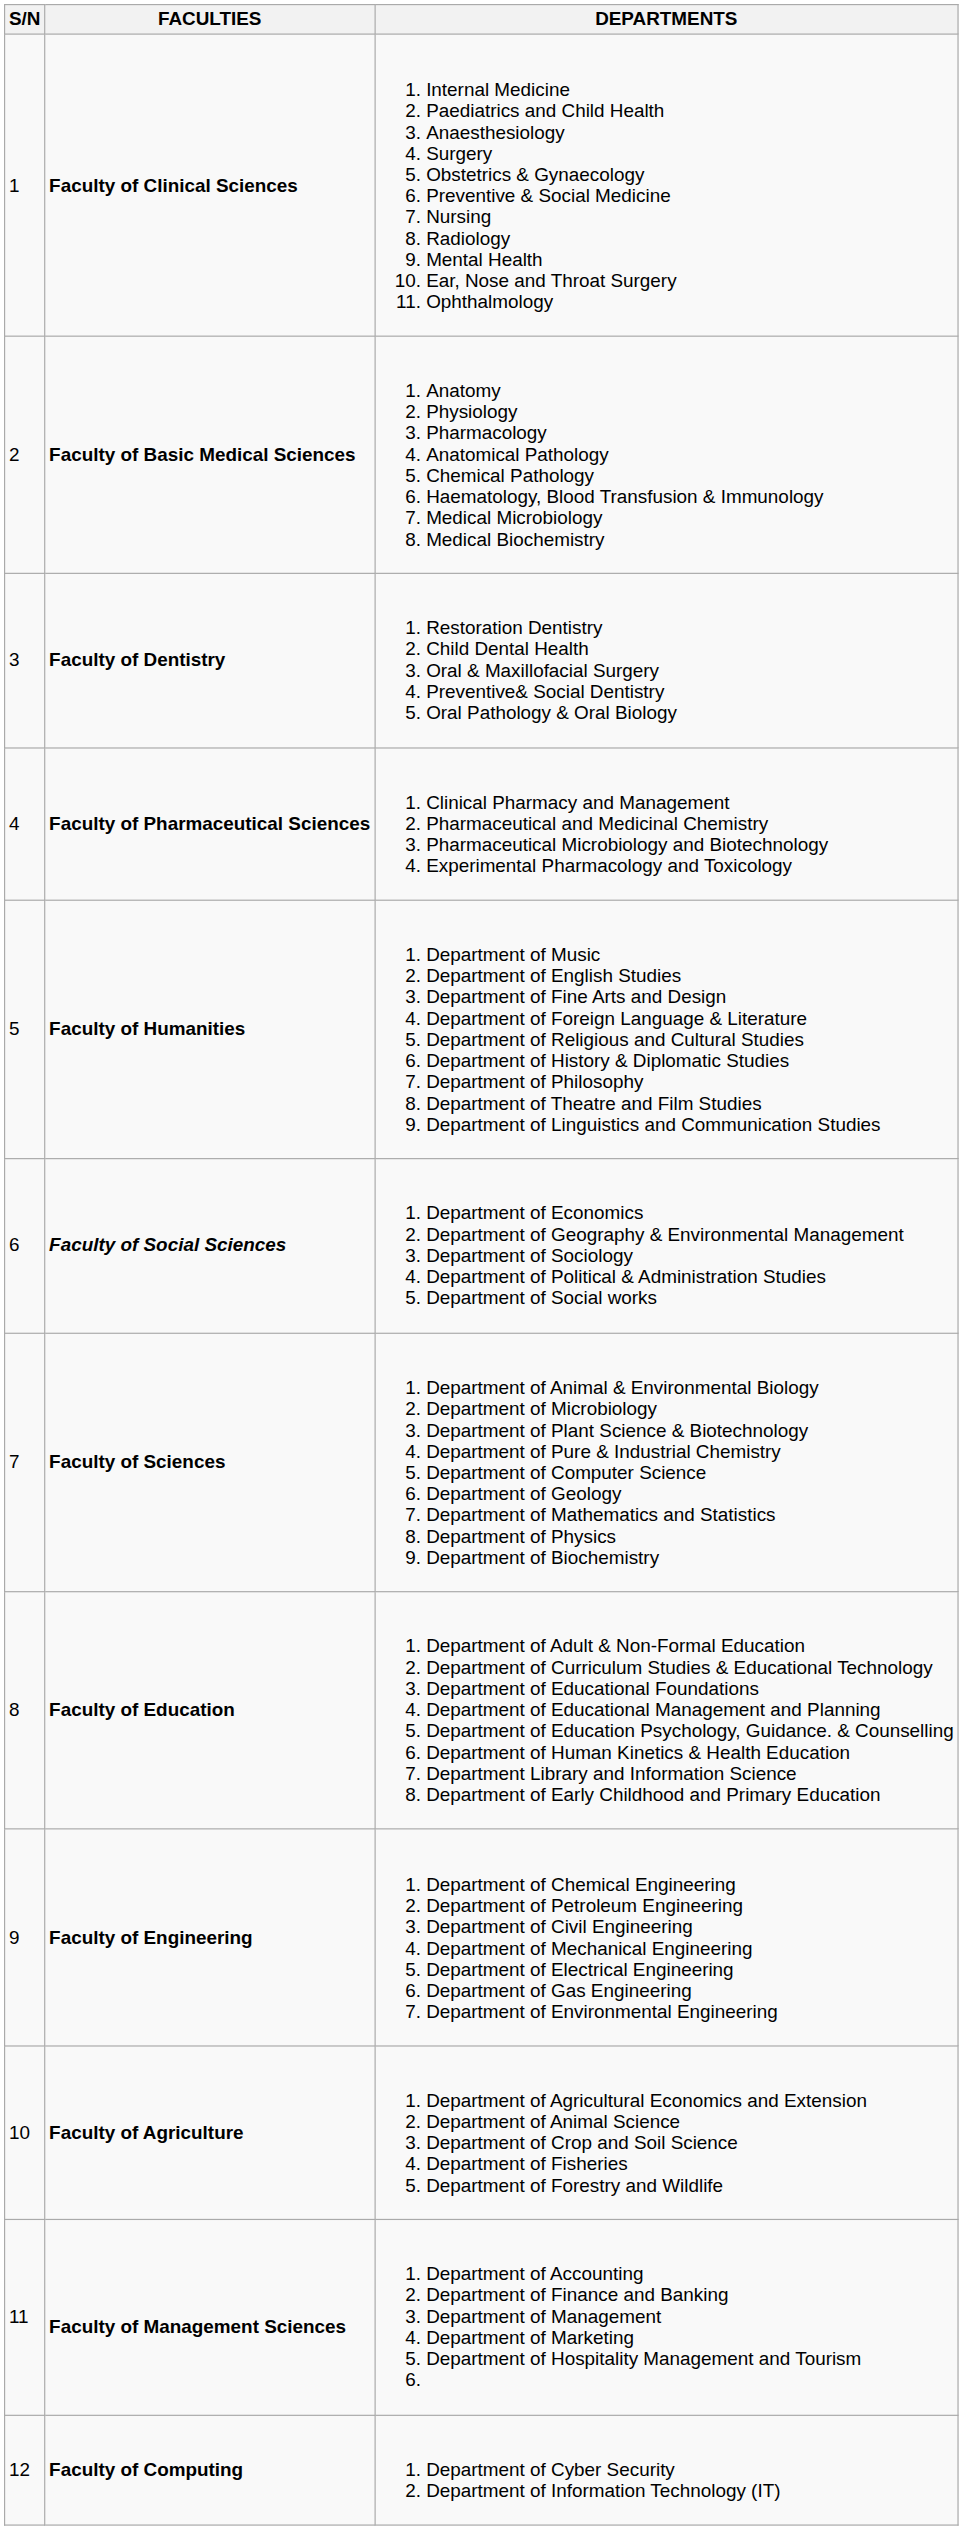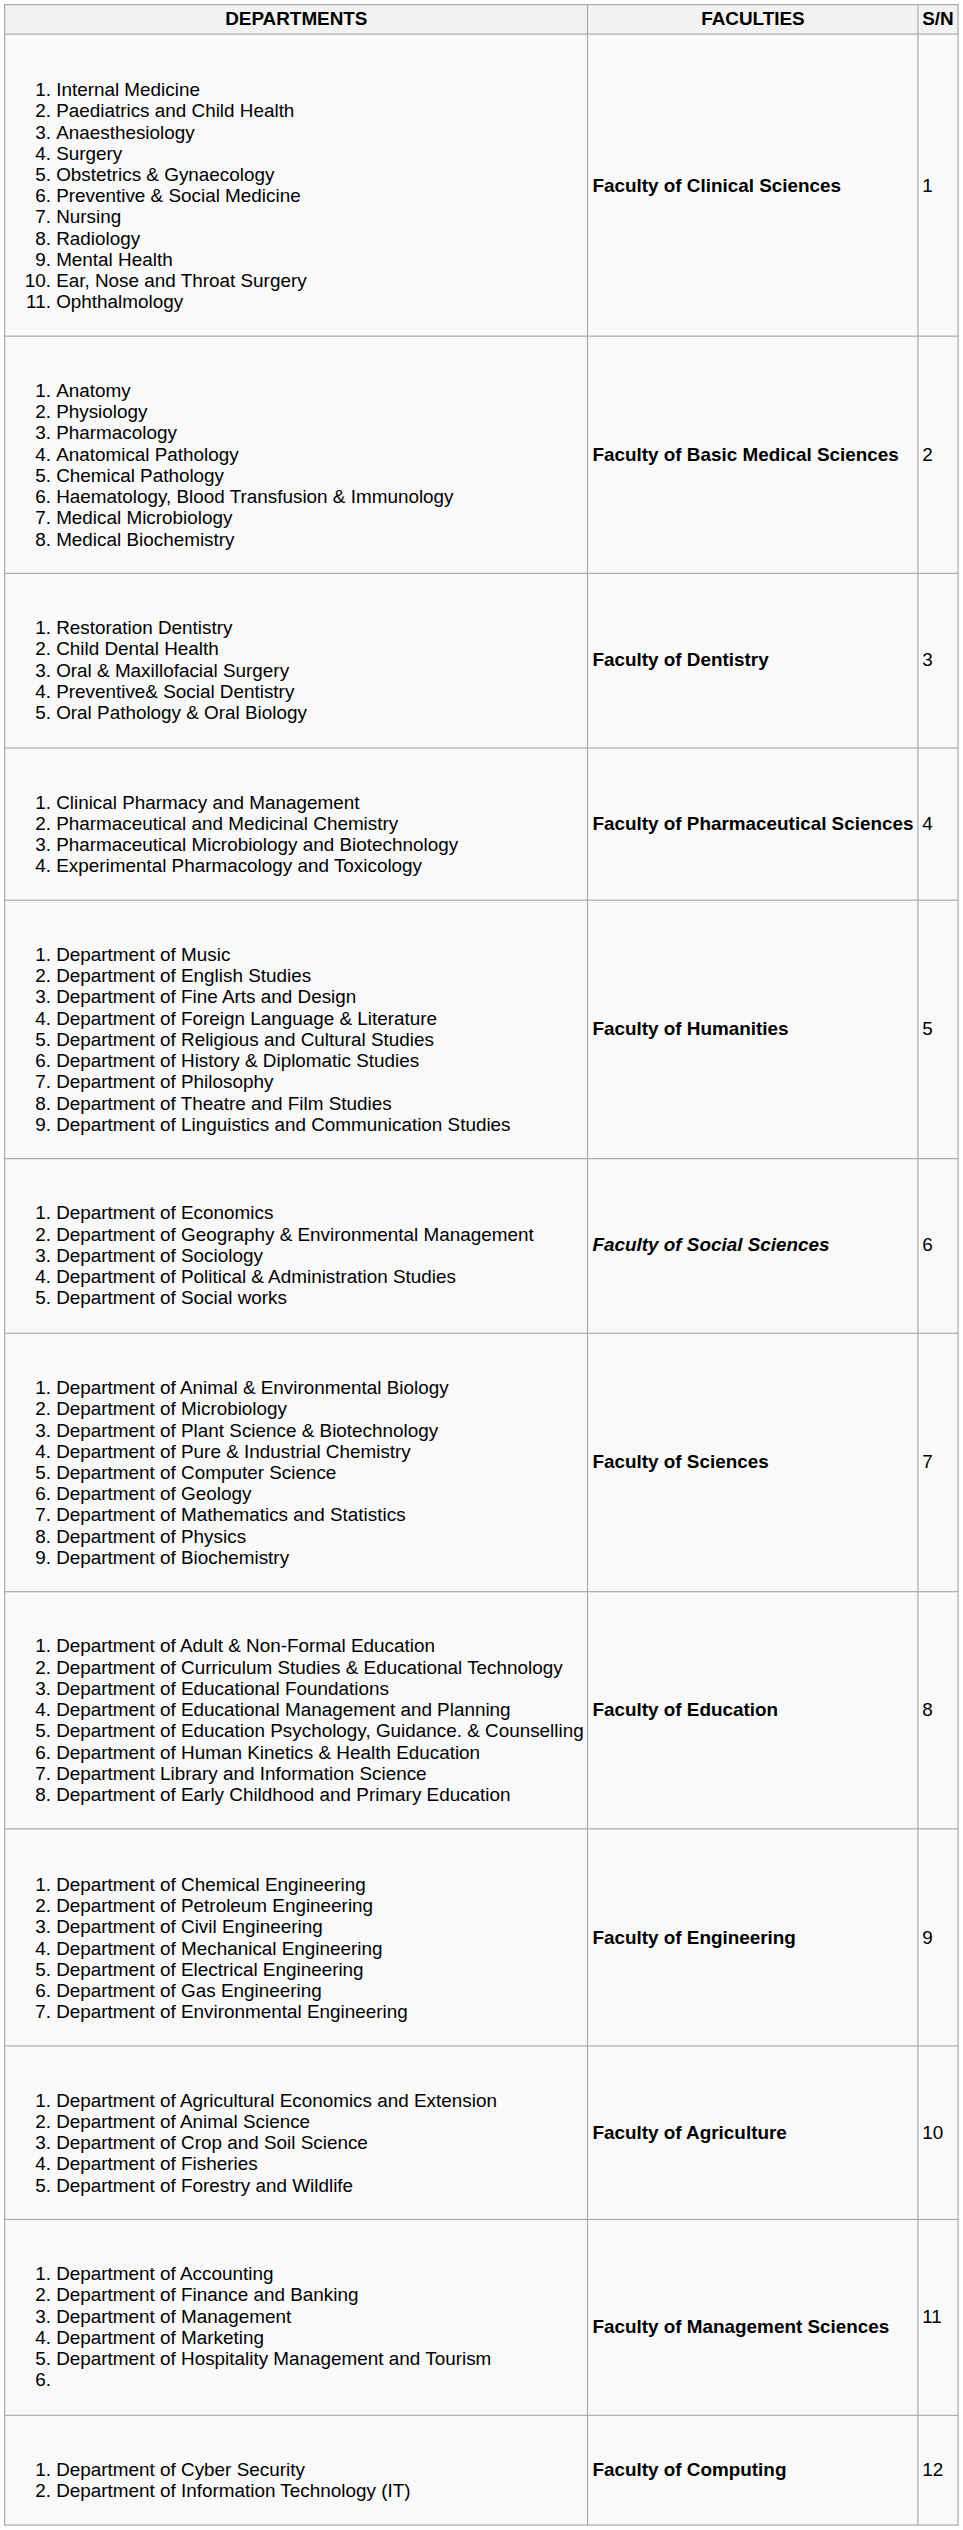 <table class="wikitable">
 <tr>
+<th>DEPARTMENTS</th>
+<th>FACULTIES</th>
 <th>S/N</th>
-<th>FACULTIES</th>
-<th>DEPARTMENTS</th>
 </tr>
 <tr>
+<td><br><ol><li>Internal Medicine</li><li>Paediatrics and Child Health</li><li>Anaesthesiology</li><li>Surgery</li><li>Obstetrics & Gynaecology</li><li>Preventive & Social Medicine</li><li>Nursing</li><li>Radiology</li><li>Mental Health</li><li>Ear, Nose and Throat Surgery</li><li>Ophthalmology</li></ol></td>
+<td><strong>Faculty of Clinical Sciences</strong></td>
 <td>1</td>
-<td><strong>Faculty of Clinical Sciences</strong></td>
-<td><br><ol><li>Internal Medicine</li><li>Paediatrics and Child Health</li><li>Anaesthesiology</li><li>Surgery</li><li>Obstetrics & Gynaecology</li><li>Preventive & Social Medicine</li><li>Nursing</li><li>Radiology</li><li>Mental Health</li><li>Ear, Nose and Throat Surgery</li><li>Ophthalmology</li></ol></td>
 </tr>
 <tr>
+<td><br><ol><li>Anatomy</li><li>Physiology</li><li>Pharmacology</li><li>Anatomical Pathology</li><li>Chemical Pathology</li><li>Haematology, Blood Transfusion & Immunology</li><li>Medical Microbiology</li><li>Medical Biochemistry</li></ol></td>
+<td><strong>Faculty of Basic Medical Sciences</strong></td>
 <td>2</td>
-<td><strong>Faculty of Basic Medical Sciences</strong></td>
-<td><br><ol><li>Anatomy</li><li>Physiology</li><li>Pharmacology</li><li>Anatomical Pathology</li><li>Chemical Pathology</li><li>Haematology, Blood Transfusion & Immunology</li><li>Medical Microbiology</li><li>Medical Biochemistry</li></ol></td>
 </tr>
 <tr>
+<td><br><ol><li>Restoration Dentistry</li><li>Child Dental Health</li><li>Oral & Maxillofacial Surgery</li><li>Preventive& Social Dentistry</li><li>Oral Pathology & Oral Biology</li></ol></td>
+<td><strong>Faculty of Dentistry</strong></td>
 <td>3</td>
-<td><strong>Faculty of Dentistry</strong></td>
-<td><br><ol><li>Restoration Dentistry</li><li>Child Dental Health</li><li>Oral & Maxillofacial Surgery</li><li>Preventive& Social Dentistry</li><li>Oral Pathology & Oral Biology</li></ol></td>
 </tr>
 <tr>
+<td><br><ol><li>Clinical Pharmacy and Management</li><li>Pharmaceutical and Medicinal Chemistry</li><li>Pharmaceutical Microbiology and Biotechnology</li><li>Experimental Pharmacology and Toxicology</li></ol></td>
+<td><strong>Faculty of Pharmaceutical Sciences</strong></td>
 <td>4</td>
-<td><strong>Faculty of Pharmaceutical Sciences</strong></td>
-<td><br><ol><li>Clinical Pharmacy and Management</li><li>Pharmaceutical and Medicinal Chemistry</li><li>Pharmaceutical Microbiology and Biotechnology</li><li>Experimental Pharmacology and Toxicology</li></ol></td>
 </tr>
 <tr>
+<td><br><ol><li>Department of Music</li><li>Department of English Studies</li><li>Department of Fine Arts and Design</li><li>Department of Foreign Language & Literature</li><li>Department of Religious and Cultural Studies</li><li>Department of History & Diplomatic Studies</li><li>Department of Philosophy</li><li>Department of Theatre and Film Studies</li><li>Department of Linguistics and Communication Studies</li></ol></td>
+<td><strong>Faculty of Humanities</strong></td>
 <td>5</td>
-<td><strong>Faculty of Humanities</strong></td>
-<td><br><ol><li>Department of Music</li><li>Department of English Studies</li><li>Department of Fine Arts and Design</li><li>Department of Foreign Language & Literature</li><li>Department of Religious and Cultural Studies</li><li>Department of History & Diplomatic Studies</li><li>Department of Philosophy</li><li>Department of Theatre and Film Studies</li><li>Department of Linguistics and Communication Studies</li></ol></td>
 </tr>
 <tr>
+<td><br><ol><li>Department of Economics</li><li>Department of Geography & Environmental Management</li><li>Department of Sociology</li><li>Department of Political & Administration Studies</li><li>Department of Social works</li></ol></td>
+<td><strong><em>Faculty of Social Sciences</em></strong></td>
 <td>6</td>
-<td><strong><em>Faculty of Social Sciences</em></strong></td>
-<td><br><ol><li>Department of Economics</li><li>Department of Geography & Environmental Management</li><li>Department of Sociology</li><li>Department of Political & Administration Studies</li><li>Department of Social works</li></ol></td>
 </tr>
 <tr>
+<td><br><ol><li>Department of Animal & Environmental Biology</li><li>Department of Microbiology</li><li>Department of Plant Science & Biotechnology</li><li>Department of Pure & Industrial Chemistry</li><li>Department of Computer Science</li><li>Department of Geology</li><li>Department of Mathematics and Statistics</li><li>Department of Physics</li><li>Department of Biochemistry</li></ol></td>
+<td><strong>Faculty of Sciences</strong></td>
 <td>7</td>
-<td><strong>Faculty of Sciences</strong></td>
-<td><br><ol><li>Department of Animal & Environmental Biology</li><li>Department of Microbiology</li><li>Department of Plant Science & Biotechnology</li><li>Department of Pure & Industrial Chemistry</li><li>Department of Computer Science</li><li>Department of Geology</li><li>Department of Mathematics and Statistics</li><li>Department of Physics</li><li>Department of Biochemistry</li></ol></td>
 </tr>
 <tr>
+<td><br><ol><li>Department of Adult & Non-Formal Education</li><li>Department of Curriculum Studies & Educational Technology</li><li>Department of Educational Foundations</li><li>Department of Educational Management and Planning</li><li>Department of Education Psychology, Guidance. & Counselling</li><li>Department of Human Kinetics & Health Education</li><li>Department Library and Information Science</li><li>Department of Early Childhood and Primary Education</li></ol></td>
+<td><strong>Faculty of Education</strong></td>
 <td>8</td>
-<td><strong>Faculty of Education</strong></td>
-<td><br><ol><li>Department of Adult & Non-Formal Education</li><li>Department of Curriculum Studies & Educational Technology</li><li>Department of Educational Foundations</li><li>Department of Educational Management and Planning</li><li>Department of Education Psychology, Guidance. & Counselling</li><li>Department of Human Kinetics & Health Education</li><li>Department Library and Information Science</li><li>Department of Early Childhood and Primary Education</li></ol></td>
 </tr>
 <tr>
+<td><br><ol><li>Department of Chemical Engineering</li><li>Department of Petroleum Engineering</li><li>Department of Civil Engineering</li><li>Department of Mechanical Engineering</li><li>Department of Electrical Engineering</li><li>Department of Gas Engineering</li><li>Department of Environmental Engineering</li></ol></td>
+<td><strong> Faculty of Engineering </strong></td>
 <td>9</td>
-<td><strong> Faculty of Engineering </strong></td>
-<td><br><ol><li>Department of Chemical Engineering</li><li>Department of Petroleum Engineering</li><li>Department of Civil Engineering</li><li>Department of Mechanical Engineering</li><li>Department of Electrical Engineering</li><li>Department of Gas Engineering</li><li>Department of Environmental Engineering</li></ol></td>
 </tr>
 <tr>
+<td><br><ol><li>Department of Agricultural Economics and Extension</li><li>Department of Animal Science</li><li>Department of Crop and Soil Science</li><li>Department of Fisheries</li><li>Department of Forestry and Wildlife</li></ol></td>
+<td><strong>Faculty of Agriculture</strong></td>
 <td>10</td>
-<td><strong>Faculty of Agriculture</strong></td>
-<td><br><ol><li>Department of Agricultural Economics and Extension</li><li>Department of Animal Science</li><li>Department of Crop and Soil Science</li><li>Department of Fisheries</li><li>Department of Forestry and Wildlife</li></ol></td>
 </tr>
 <tr>
+<td><br><ol><li>Department of Accounting</li><li>Department of Finance and Banking</li><li>Department of Management</li><li>Department of Marketing</li><li>Department of Hospitality Management and Tourism</li><li></li></ol></td>
+<td><br><strong>Faculty of Management Sciences</strong></td>
 <td>11</td>
-<td><br><strong>Faculty of Management Sciences</strong></td>
-<td><br><ol><li>Department of Accounting</li><li>Department of Finance and Banking</li><li>Department of Management</li><li>Department of Marketing</li><li>Department of Hospitality Management and Tourism</li><li></li></ol></td>
 </tr>
 <tr>
+<td><br><ol><li>Department of Cyber Security</li><li>Department of Information Technology (IT)</li></ol></td>
+<td><strong>Faculty of Computing</strong></td>
 <td>12</td>
-<td><strong>Faculty of Computing</strong></td>
-<td><br><ol><li>Department of Cyber Security</li><li>Department of Information Technology (IT)</li></ol></td>
 </tr>
 </table>
